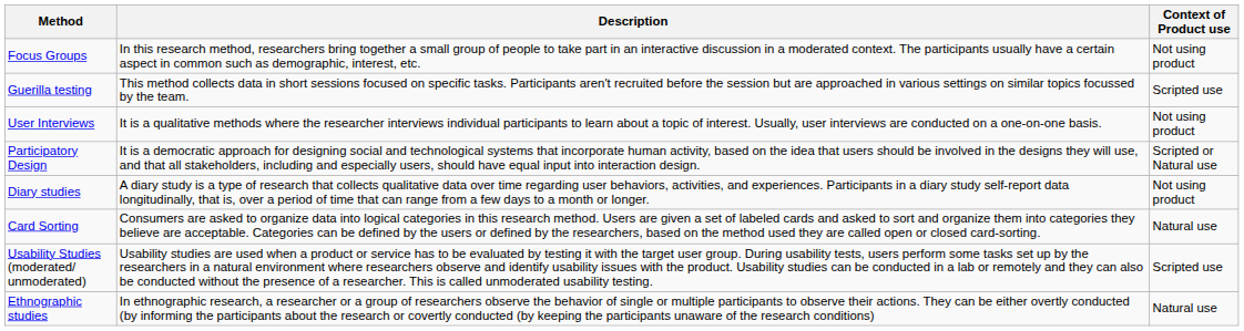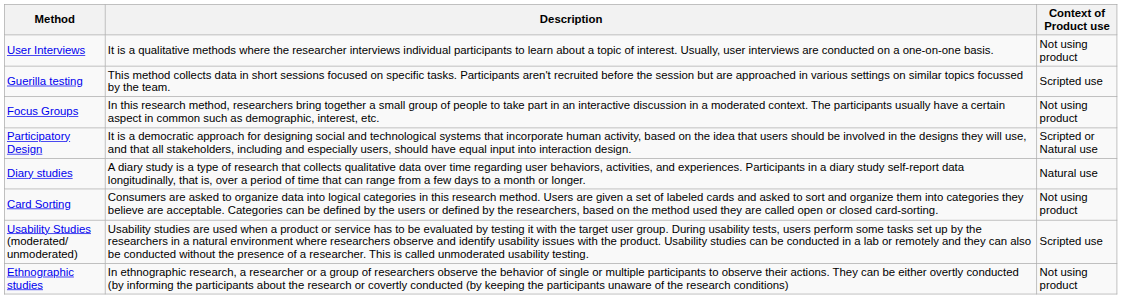 <table class="wikitable sortable mw-collapsible">
 <tr>
 <th>Method</th>
 <th>Description</th>
 <th>Context of Product use</th>
 </tr>
 <tr>
-<td><a href='#'>Focus Groups</a></td>
-<td>In this research method, researchers bring together a small group of people to take part in an interactive discussion in a moderated context. The participants usually have a certain aspect in common such as demographic, interest, etc.</td>
+<td><a href='#'>User Interviews</a></td>
+<td>It is a qualitative methods where the researcher interviews individual participants to learn about a topic of interest. Usually, user interviews are conducted on a one-on-one basis.</td>
 <td>Not using product</td>
 </tr>
 <tr>
 <td><a href='#'>Guerilla testing</a></td>
 <td>This method collects data in short sessions focused on specific tasks. Participants aren't recruited before the session but are approached in various settings on similar topics focussed by the team.</td>
 <td>Scripted use</td>
 </tr>
 <tr>
-<td><a href='#'>User Interviews</a></td>
-<td>It is a qualitative methods where the researcher interviews individual participants to learn about a topic of interest. Usually, user interviews are conducted on a one-on-one basis.</td>
+<td><a href='#'>Focus Groups</a></td>
+<td>In this research method, researchers bring together a small group of people to take part in an interactive discussion in a moderated context. The participants usually have a certain aspect in common such as demographic, interest, etc.</td>
 <td>Not using product</td>
 </tr>
 <tr>
 <td><a href='#'>Participatory Design</a></td>
 <td>It is a democratic approach for designing social and technological systems that incorporate human activity, based on the idea that users should be involved in the designs they will use, and that all stakeholders, including and especially users, should have equal input into interaction design.</td>
 <td>Scripted or Natural use</td>
 </tr>
 <tr>
 <td><a href='#'>Diary studies</a></td>
 <td>A diary study is a type of research that collects qualitative data over time regarding user behaviors, activities, and experiences. Participants in a diary study self-report data longitudinally, that is, over a period of time that can range from a few days to a month or longer.</td>
-<td>Not using product</td>
+<td>Natural use</td>
 </tr>
 <tr>
 <td><a href='#'>Card Sorting</a></td>
 <td>Consumers are asked to organize data into logical categories in this research method. Users are given a set of labeled cards and asked to sort and organize them into categories they believe are acceptable. Categories can be defined by the users or defined by the researchers, based on the method used they are called open or closed card-sorting.</td>
-<td>Natural use</td>
+<td>Not using product</td>
 </tr>
 <tr>
 <td><a href='#'>Usability Studies</a><br>(moderated/  unmoderated)</td>
 <td>Usability studies are used when a product or service has to be evaluated by testing it with the target user group. During usability tests, users perform some tasks set up by the researchers in a natural environment where researchers observe and identify usability issues with the product. Usability studies can be conducted in a lab or remotely and they can also be conducted without the presence of a researcher. This is called unmoderated usability testing.</td>
 <td>Scripted use</td>
 </tr>
 <tr>
 <td><a href='#'>Ethnographic studies</a></td>
 <td>In ethnographic research, a researcher or a group of researchers observe the behavior of single or multiple participants to observe their actions. They can be either overtly conducted (by informing the participants about the research or covertly conducted (by keeping the participants unaware of the research conditions)</td>
-<td>Natural use</td>
+<td>Not using product</td>
 </tr>
 </table>
